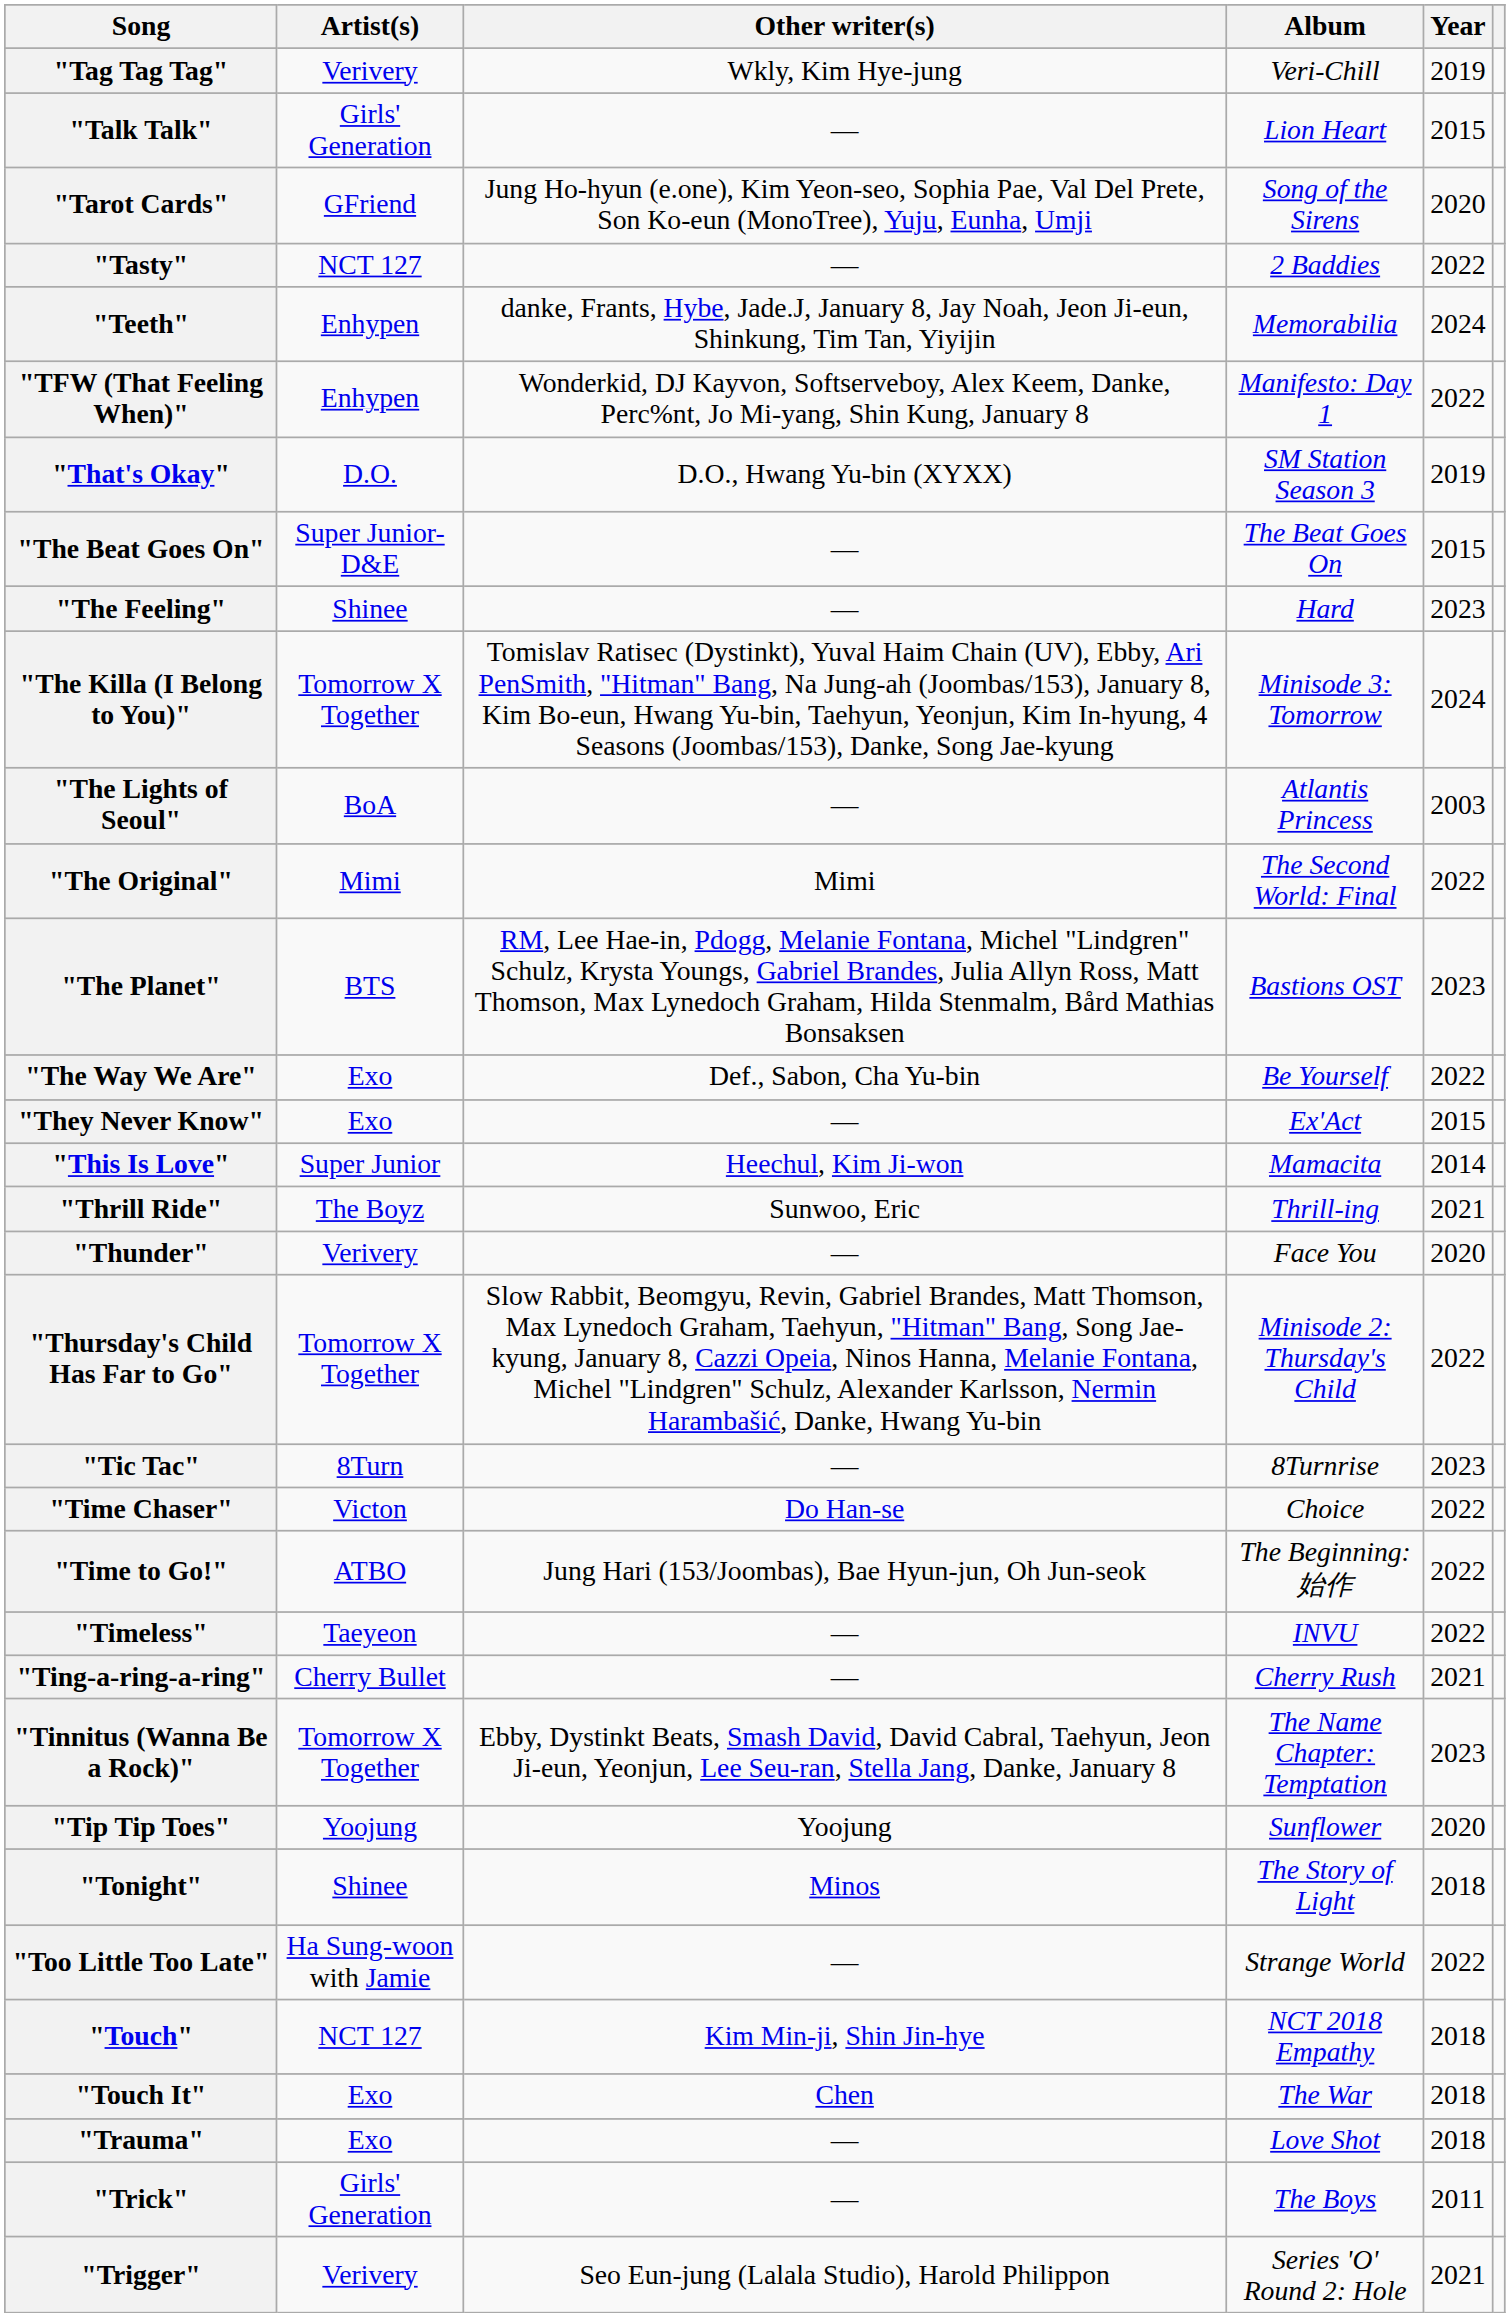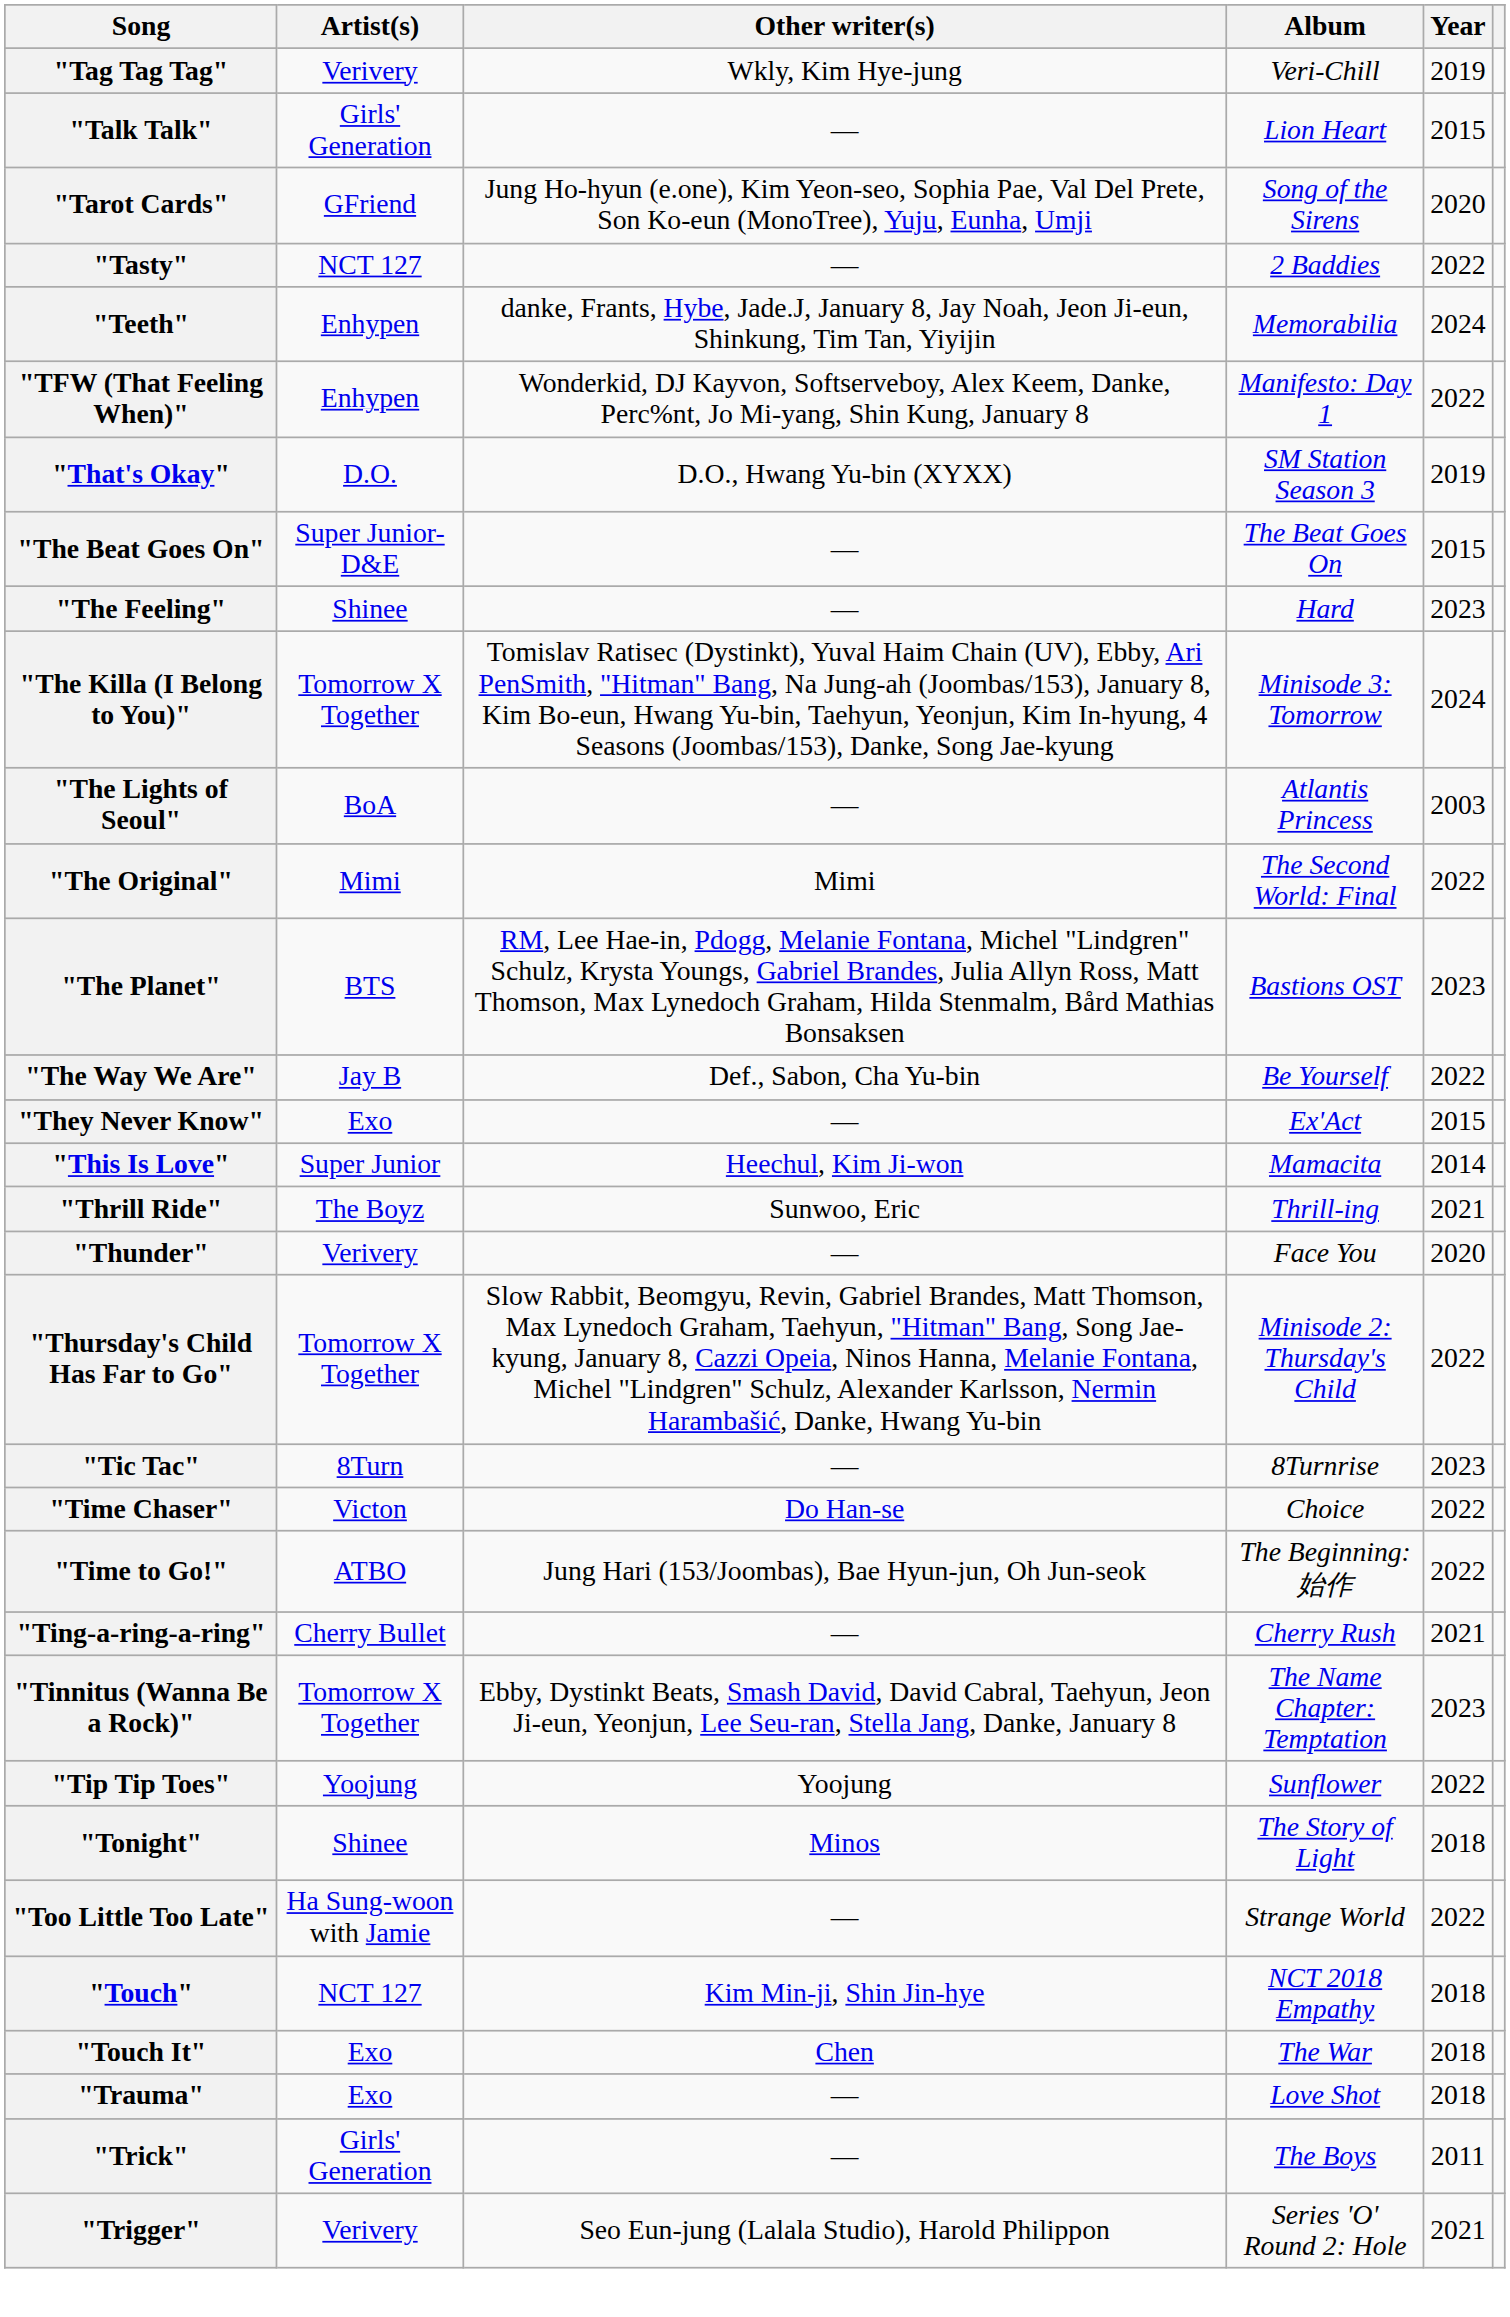 <table class="wikitable sortable plainrowheaders" style="text-align:center;">
 <tr>
 <th scope="col" width="150">Song</th>
 <th scope="col" width="100">Artist(s)</th>
 <th scope="col" class="unsortable">Other writer(s)</th>
 <th scope="col" data-sort-type="text">Album</th>
 <th scope="col">Year</th>
 <th scope="col" class="unsortable"></th>
 </tr>
 <tr>
 <th scope="row">"Tag Tag Tag"</th>
 <td><a href='#'>Verivery</a></td>
 <td>Wkly, Kim Hye-jung</td>
 <td><em>Veri-Chill</em></td>
 <td>2019</td>
 <td style="text-align:center;"></td>
 </tr>
 <tr>
 <th scope="row">"Talk Talk"</th>
 <td><a href='#'>Girls' Generation</a></td>
 <td>—</td>
 <td><em><a href='#'>Lion Heart</a></em></td>
 <td>2015</td>
 <td style="text-align:center;"></td>
 </tr>
 <tr>
 <th scope="row">"Tarot Cards"</th>
 <td><a href='#'>GFriend</a></td>
 <td>Jung Ho-hyun (e.one), Kim Yeon-seo, Sophia Pae, Val Del Prete, Son Ko-eun (MonoTree), <a href='#'>Yuju</a>, <a href='#'>Eunha</a>, <a href='#'>Umji</a></td>
 <td><em><a href='#'>Song of the Sirens</a></em></td>
 <td>2020</td>
 <td style="text-align:center;"></td>
 </tr>
 <tr>
 <th scope="row">"Tasty"</th>
 <td><a href='#'>NCT 127</a></td>
 <td>—</td>
 <td><em><a href='#'>2 Baddies</a></em></td>
 <td>2022</td>
 <td style="text-align:center;"></td>
 </tr>
 <tr>
 <th scope="row">"Teeth"</th>
 <td><a href='#'>Enhypen</a></td>
 <td>danke, Frants, <a href='#'>Hybe</a>, Jade.J, January 8, Jay Noah, Jeon Ji-eun, Shinkung, Tim Tan, Yiyijin</td>
 <td><em><a href='#'>Memorabilia</a></em></td>
 <td>2024</td>
 <td style="text-align:center;"></td>
 </tr>
 <tr>
 <th scope="row">"TFW (That Feeling When)"</th>
 <td><a href='#'>Enhypen</a></td>
 <td>Wonderkid, DJ Kayvon, Softserveboy, Alex Keem, Danke, Perc%nt, Jo Mi-yang, Shin Kung, January 8</td>
 <td><em><a href='#'>Manifesto: Day 1</a></em></td>
 <td>2022</td>
 <td style="text-align:center;"></td>
 </tr>
 <tr>
 <th scope="row">"<a href='#'>That's Okay</a>"</th>
 <td><a href='#'>D.O.</a></td>
 <td>D.O., Hwang Yu-bin (XYXX)</td>
 <td><em><a href='#'>SM Station Season 3</a></em></td>
 <td>2019</td>
 <td style="text-align:center;"></td>
 </tr>
 <tr>
 <th scope="row">"The Beat Goes On"</th>
 <td><a href='#'>Super Junior-D&E</a></td>
 <td>—</td>
 <td><em><a href='#'>The Beat Goes On</a></em></td>
 <td>2015</td>
 <td style="text-align:center;"></td>
 </tr>
 <tr>
 <th scope="row">"The Feeling"</th>
 <td><a href='#'>Shinee</a></td>
 <td>—</td>
 <td><em><a href='#'>Hard</a></em></td>
 <td>2023</td>
 <td style="text-align:center;"></td>
 </tr>
 <tr>
 <th scope="row">"The Killa (I Belong to You)"</th>
 <td><a href='#'>Tomorrow X Together</a></td>
 <td>Tomislav Ratisec (Dystinkt), Yuval Haim Chain (UV), Ebby, <a href='#'>Ari PenSmith</a>, <a href='#'>"Hitman" Bang</a>, Na Jung-ah (Joombas/153), January 8, Kim Bo-eun, Hwang Yu-bin, Taehyun, Yeonjun, Kim In-hyung, 4 Seasons (Joombas/153), Danke, Song Jae-kyung</td>
 <td><em><a href='#'>Minisode 3: Tomorrow</a></em></td>
 <td>2024</td>
 <td style="text-align:center;"></td>
 </tr>
 <tr>
 <th scope="row">"The Lights of Seoul"</th>
 <td><a href='#'>BoA</a></td>
 <td>—</td>
 <td><em><a href='#'>Atlantis Princess</a></em></td>
 <td>2003</td>
 <td style="text-align:center;"></td>
 </tr>
 <tr>
 <th scope="row">"The Original"</th>
 <td><a href='#'>Mimi</a></td>
 <td>Mimi</td>
 <td><em><a href='#'>The Second World: Final</a></em></td>
 <td>2022</td>
 <td style="text-align:center;"></td>
 </tr>
 <tr>
 <th scope="row">"The Planet"</th>
 <td><a href='#'>BTS</a></td>
 <td><a href='#'>RM</a>, Lee Hae-in, <a href='#'>Pdogg</a>, <a href='#'>Melanie Fontana</a>, Michel "Lindgren" Schulz, Krysta Youngs, <a href='#'>Gabriel Brandes</a>, Julia Allyn Ross, Matt Thomson, Max Lynedoch Graham, Hilda Stenmalm, Bård Mathias Bonsaksen</td>
 <td><em><a href='#'>Bastions OST</a></em></td>
 <td>2023</td>
 <td style="text-align:center;"></td>
 </tr>
 <tr>
 <th scope="row">"The Way We Are"</th>
-<td><a href='#'>Exo</a></td>
+<td><a href='#'>Jay B</a></td>
 <td>Def., Sabon, Cha Yu-bin</td>
 <td><em><a href='#'>Be Yourself</a></em></td>
 <td>2022</td>
 <td style="text-align:center;"></td>
 </tr>
 <tr>
 <th scope="row">"They Never Know"</th>
 <td><a href='#'>Exo</a></td>
 <td>—</td>
 <td><em><a href='#'>Ex'Act</a></em></td>
 <td>2015</td>
 <td style="text-align:center;"></td>
 </tr>
 <tr>
 <th scope="row">"<a href='#'>This Is Love</a>"</th>
 <td><a href='#'>Super Junior</a></td>
 <td><a href='#'>Heechul</a>, <a href='#'>Kim Ji-won</a></td>
 <td><em><a href='#'>Mamacita</a></em></td>
 <td>2014</td>
 <td style="text-align:center;"></td>
 </tr>
 <tr>
 <th scope="row">"Thrill Ride"</th>
 <td><a href='#'>The Boyz</a></td>
 <td>Sunwoo, Eric</td>
 <td><em><a href='#'>Thrill-ing</a></em></td>
 <td>2021</td>
 <td style="text-align:center;"></td>
 </tr>
 <tr>
 <th scope="row">"Thunder"</th>
 <td><a href='#'>Verivery</a></td>
 <td>—</td>
 <td><em>Face You</em></td>
 <td>2020</td>
 <td style="text-align:center;"></td>
 </tr>
 <tr>
 <th scope="row">"Thursday's Child Has Far to Go"</th>
 <td><a href='#'>Tomorrow X Together</a></td>
 <td>Slow Rabbit, Beomgyu, Revin, Gabriel Brandes, Matt Thomson, Max Lynedoch Graham, Taehyun, <a href='#'>"Hitman" Bang</a>, Song Jae-kyung, January 8, <a href='#'>Cazzi Opeia</a>, Ninos Hanna, <a href='#'>Melanie Fontana</a>, Michel "Lindgren" Schulz, Alexander Karlsson, <a href='#'>Nermin Harambašić</a>, Danke, Hwang Yu-bin</td>
 <td><em><a href='#'>Minisode 2: Thursday's Child</a></em></td>
 <td>2022</td>
 <td style="text-align:center;"></td>
 </tr>
 <tr>
 <th scope="row">"Tic Tac"</th>
 <td><a href='#'>8Turn</a></td>
 <td>—</td>
 <td><em>8Turnrise</em></td>
 <td>2023</td>
 <td style="text-align:center;"></td>
 </tr>
 <tr>
 <th scope="row">"Time Chaser"</th>
 <td><a href='#'>Victon</a></td>
 <td><a href='#'>Do Han-se</a></td>
 <td><em>Choice</em></td>
 <td>2022</td>
 <td style="text-align:center;"></td>
 </tr>
 <tr>
 <th scope="row">"Time to Go!"</th>
 <td><a href='#'>ATBO</a></td>
 <td>Jung Hari (153/Joombas), Bae Hyun-jun, Oh Jun-seok</td>
 <td><em>The Beginning: 始作</em></td>
 <td>2022</td>
 <td style="text-align:center;"></td>
 </tr>
 <tr>
-<th scope="row">"Timeless"</th>
-<td><a href='#'>Taeyeon</a></td>
-<td>—</td>
-<td><em><a href='#'>INVU</a></em></td>
-<td>2022</td>
-<td style="text-align:center;"></td>
-</tr>
-<tr>
 <th scope="row">"Ting-a-ring-a-ring"</th>
 <td><a href='#'>Cherry Bullet</a></td>
 <td>—</td>
 <td><em><a href='#'>Cherry Rush</a></em></td>
 <td>2021</td>
 <td style="text-align:center;"></td>
 </tr>
 <tr>
 <th scope="row">"Tinnitus (Wanna Be a Rock)"</th>
 <td><a href='#'>Tomorrow X Together</a></td>
 <td>Ebby, Dystinkt Beats, <a href='#'>Smash David</a>, David Cabral, Taehyun, Jeon Ji-eun, Yeonjun, <a href='#'>Lee Seu-ran</a>, <a href='#'>Stella Jang</a>, Danke, January 8</td>
 <td><em><a href='#'>The Name Chapter: Temptation</a></em></td>
 <td>2023</td>
 <td style="text-align:center;"></td>
 </tr>
 <tr>
 <th scope="row">"Tip Tip Toes"</th>
 <td><a href='#'>Yoojung</a></td>
 <td>Yoojung</td>
 <td><em><a href='#'>Sunflower</a></em></td>
-<td>2020</td>
+<td>2022</td>
 <td style="text-align:center;"></td>
 </tr>
 <tr>
 <th scope="row">"Tonight"</th>
 <td><a href='#'>Shinee</a></td>
 <td><a href='#'>Minos</a></td>
 <td><em><a href='#'>The Story of Light</a></em></td>
 <td>2018</td>
 <td style="text-align:center;"></td>
 </tr>
 <tr>
 <th scope="row">"Too Little Too Late"</th>
 <td><a href='#'>Ha Sung-woon</a> with <a href='#'>Jamie</a></td>
 <td>—</td>
 <td><em>Strange World</em></td>
 <td>2022</td>
 <td style="text-align:center;"></td>
 </tr>
 <tr>
 <th scope="row">"<a href='#'>Touch</a>"</th>
 <td><a href='#'>NCT 127</a></td>
 <td><a href='#'>Kim Min-ji</a>, <a href='#'>Shin Jin-hye</a></td>
 <td><em><a href='#'>NCT 2018 Empathy</a></em></td>
 <td>2018</td>
 <td style="text-align:center;"></td>
 </tr>
 <tr>
 <th scope="row">"Touch It"</th>
 <td><a href='#'>Exo</a></td>
 <td><a href='#'>Chen</a></td>
 <td><em><a href='#'>The War</a></em></td>
 <td>2018</td>
 <td style="text-align:center;"></td>
 </tr>
 <tr>
 <th scope="row">"Trauma"</th>
 <td><a href='#'>Exo</a></td>
 <td>—</td>
 <td><em><a href='#'>Love Shot</a></em></td>
 <td>2018</td>
 <td style="text-align:center;"></td>
 </tr>
 <tr>
 <th scope="row">"Trick"</th>
 <td><a href='#'>Girls' Generation</a></td>
 <td>—</td>
 <td><em><a href='#'>The Boys</a></em></td>
 <td>2011</td>
 <td style="text-align:center;"></td>
 </tr>
 <tr>
 <th scope="row">"Trigger"</th>
 <td><a href='#'>Verivery</a></td>
 <td>Seo Eun-jung (Lalala Studio), Harold Philippon</td>
 <td><em>Series 'O' Round 2: Hole</em></td>
 <td>2021</td>
 <td style="text-align:center;"></td>
 </tr>
 </table>
